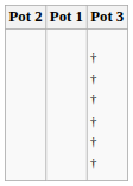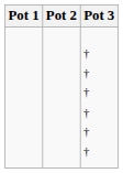 <table class=wikitable>
 <tr>
+<th width=33%>Pot 1</th>
 <th width=33%>Pot 2</th>
-<th width=33%>Pot 1</th>
 <th width=33%>Pot 3</th>
 </tr>
 <tr valign=top>
 <td><br><br> <br> <br></td>
 <td><br><br> <br> <br></td>
 <td><br><sup>†</sup><br> <sup>†</sup><br> <sup>†</sup><br> <sup>†</sup><br> <sup>†</sup><br> <sup>†</sup><br></td>
 </tr>
 </table>
